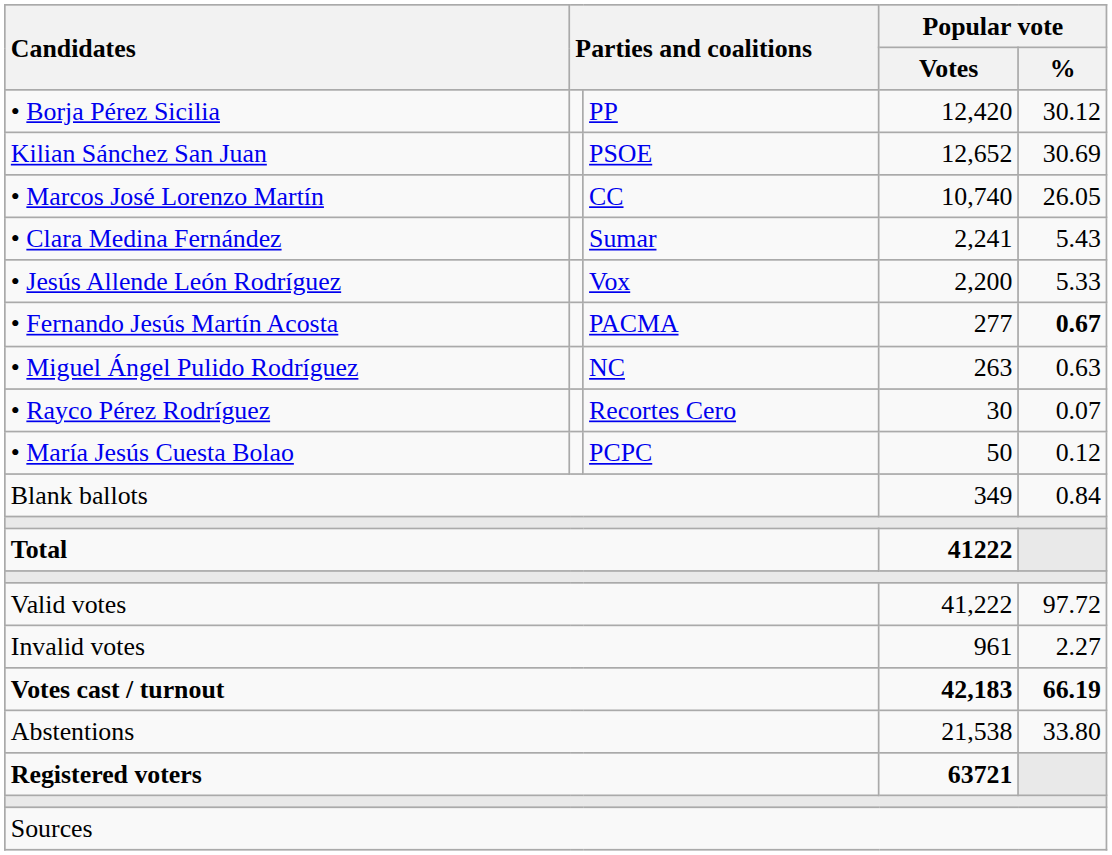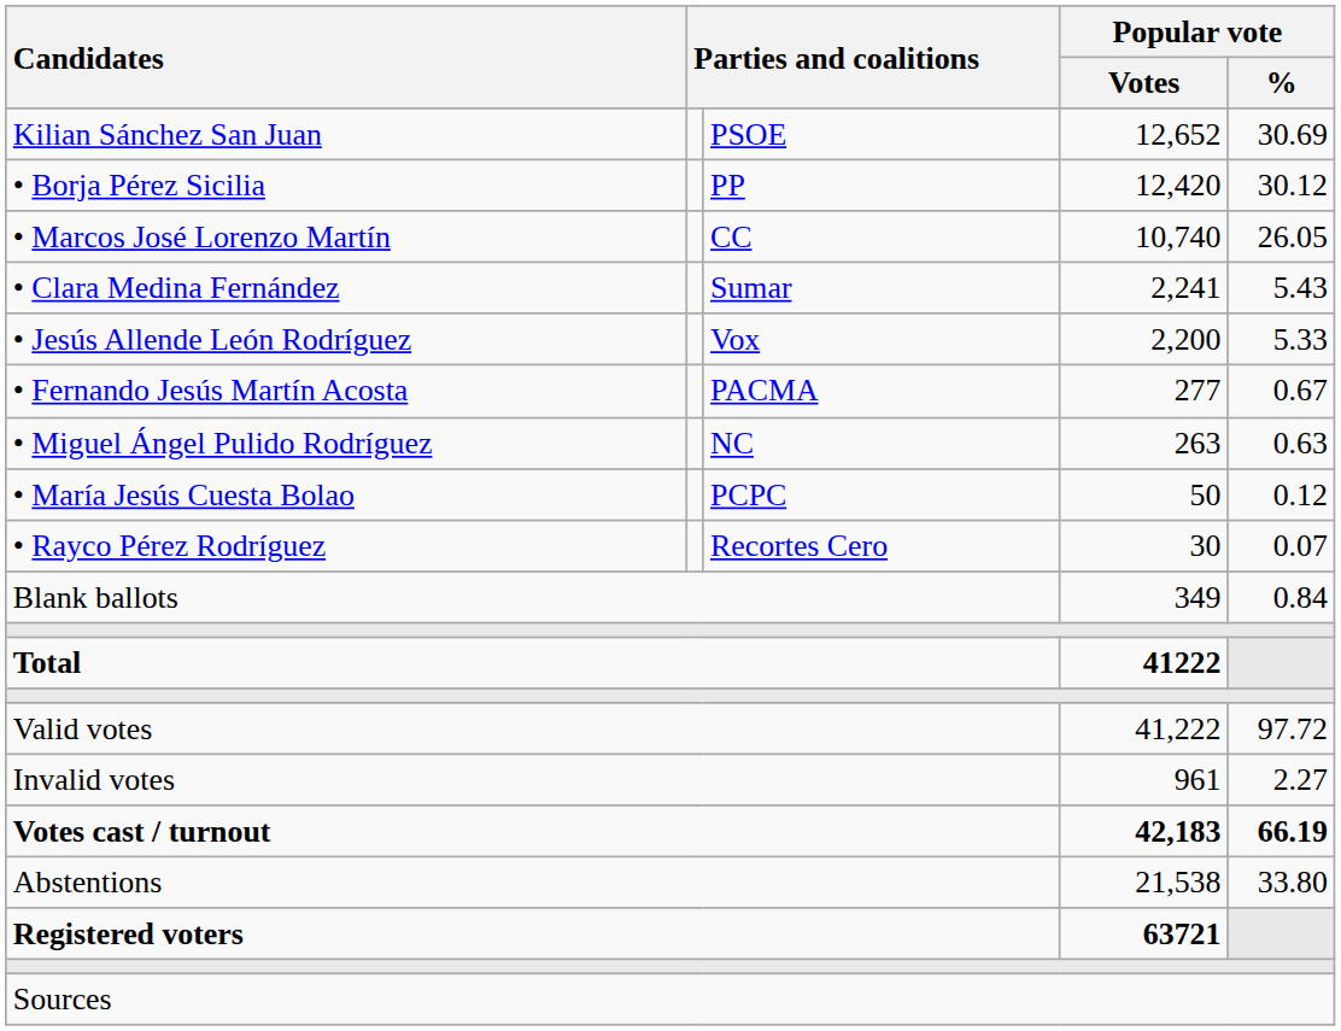 <table class="wikitable" style="text-align:right; font-size:95%;">
 <tr>
 <th style="text-align:left;" rowspan="2" width="325">Candidates</th>
 <th style="text-align:left;" rowspan="2" colspan="2" width="175">Parties and coalitions</th>
 <th colspan="2">Popular vote</th>
 </tr>
 <tr>
 <th width="75">Votes</th>
 <th width="45">%</th>
 </tr>
 <tr>
+<td align="left"> <a href='#'>Kilian Sánchez San Juan</a></td>
+<td width="1" style="color:inherit;background:"></td>
+<td align="left"><a href='#'>PSOE</a></td>
+<td>12,652</td>
+<td>30.69</td>
+</tr>
+<tr>
 <td align="left">• <a href='#'>Borja Pérez Sicilia</a></td>
 <td width="1" style="color:inherit;background:"></td>
 <td align="left"><a href='#'>PP</a></td>
 <td>12,420</td>
 <td>30.12</td>
-</tr>
-<tr>
-<td align="left"> <a href='#'>Kilian Sánchez San Juan</a></td>
-<td width="1" style="color:inherit;background:"></td>
-<td align="left"><a href='#'>PSOE</a></td>
-<td>12,652</td>
-<td>30.69</td>
 </tr>
 <tr>
 <td align="left">• <a href='#'>Marcos José Lorenzo Martín</a></td>
 <td width="1" style="color:inherit;background:"></td>
 <td align="left"><a href='#'>CC</a></td>
 <td>10,740</td>
 <td>26.05</td>
 </tr>
 <tr>
 <td align="left">• <a href='#'>Clara Medina Fernández</a></td>
 <td width="1" style="color:inherit;background:"></td>
 <td align="left"><a href='#'>Sumar</a></td>
 <td>2,241</td>
 <td>5.43</td>
 </tr>
 <tr>
 <td align="left">• <a href='#'>Jesús Allende León Rodríguez</a></td>
 <td width="1" style="color:inherit;background:"></td>
 <td align="left"><a href='#'>Vox</a></td>
 <td>2,200</td>
 <td>5.33</td>
 </tr>
 <tr>
 <td align="left">• <a href='#'>Fernando Jesús Martín Acosta</a></td>
 <td width="1" style="color:inherit;background:"></td>
 <td align="left"><a href='#'>PACMA</a></td>
 <td>277</td>
-<td><strong>0.67</strong></td>
+<td>0.67</td>
 </tr>
 <tr>
 <td align="left">• <a href='#'>Miguel Ángel Pulido Rodríguez</a></td>
 <td width="1" style="color:inherit;background:"></td>
 <td align="left"><a href='#'>NC</a></td>
 <td>263</td>
 <td>0.63</td>
 </tr>
 <tr>
+<td align="left">• <a href='#'>María Jesús Cuesta Bolao</a></td>
+<td width="1" style="color:inherit;background:"></td>
+<td align="left"><a href='#'>PCPC</a></td>
+<td>50</td>
+<td>0.12</td>
+</tr>
+<tr>
 <td align="left">• <a href='#'>Rayco Pérez Rodríguez</a></td>
 <td width="1" style="color:inherit;background:"></td>
 <td align="left"><a href='#'>Recortes Cero</a></td>
 <td>30</td>
 <td>0.07</td>
-</tr>
-<tr>
-<td align="left">• <a href='#'>María Jesús Cuesta Bolao</a></td>
-<td width="1" style="color:inherit;background:"></td>
-<td align="left"><a href='#'>PCPC</a></td>
-<td>50</td>
-<td>0.12</td>
 </tr>
 <tr>
 <td align="left" colspan="3">Blank ballots</td>
 <td>349</td>
 <td>0.84</td>
 </tr>
 <tr>
 <td colspan="5" bgcolor="#E9E9E9"></td>
 </tr>
 <tr style="font-weight:bold;">
 <td align="left" colspan="3">Total</td>
 <td>41222</td>
 <td bgcolor="#E9E9E9"></td>
 </tr>
 <tr>
 <td colspan="5" bgcolor="#E9E9E9"></td>
 </tr>
 <tr>
 <td align="left" colspan="3">Valid votes</td>
 <td>41,222</td>
 <td>97.72</td>
 </tr>
 <tr>
 <td align="left" colspan="3">Invalid votes</td>
 <td>961</td>
 <td>2.27</td>
 </tr>
 <tr style="font-weight:bold;">
 <td align="left" colspan="3">Votes cast / turnout</td>
 <td>42,183</td>
 <td>66.19</td>
 </tr>
 <tr>
 <td align="left" colspan="3">Abstentions</td>
 <td>21,538</td>
 <td>33.80</td>
 </tr>
 <tr style="font-weight:bold;">
 <td align="left" colspan="3">Registered voters</td>
 <td>63721</td>
 <td bgcolor="#E9E9E9"></td>
 </tr>
 <tr>
 <td colspan="5" bgcolor="#E9E9E9"></td>
 </tr>
 <tr>
 <td align="left" colspan="5">Sources</td>
 </tr>
 </table>
